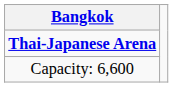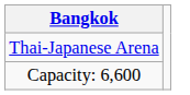 <table class="wikitable" style="text-align:center;">
 <tr>
 <th><a href='#'>Bangkok</a></th>
 <td rowspan="3"><br></td>
 </tr>
 <tr>
-<td><strong><a href='#'>Thai-Japanese Arena</a></strong></td>
+<td><a href='#'>Thai-Japanese Arena</a></td>
 </tr>
 <tr>
 <td>Capacity: 6,600</td>
 </tr>
 </table>
